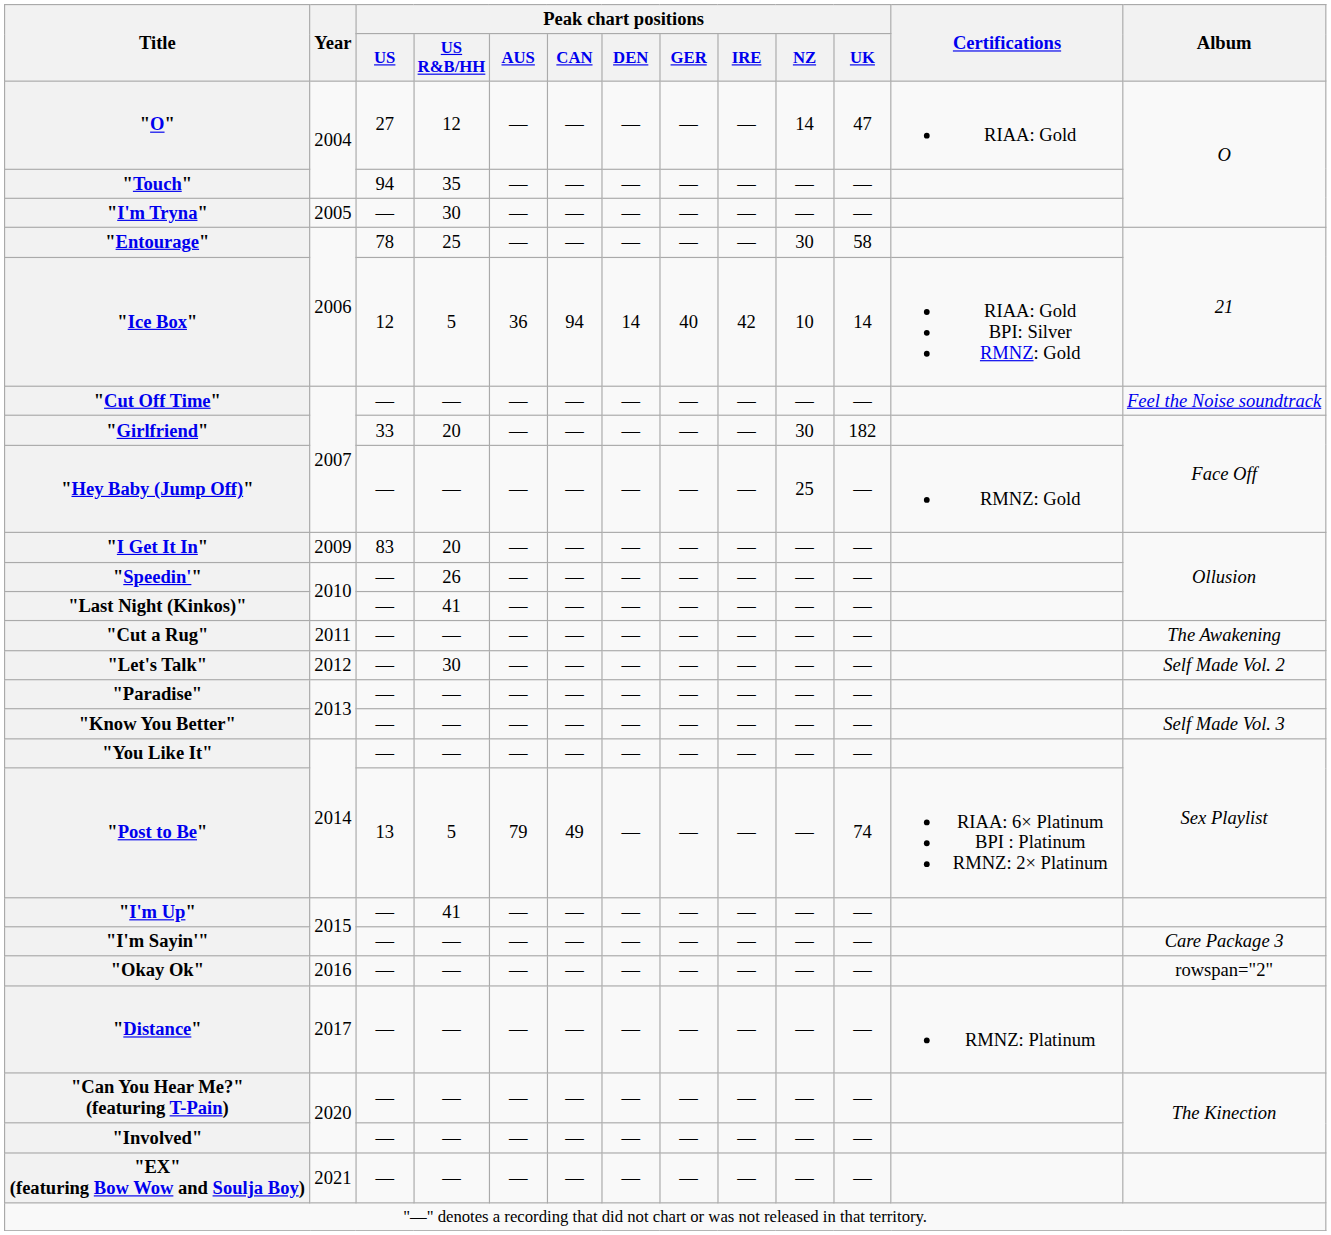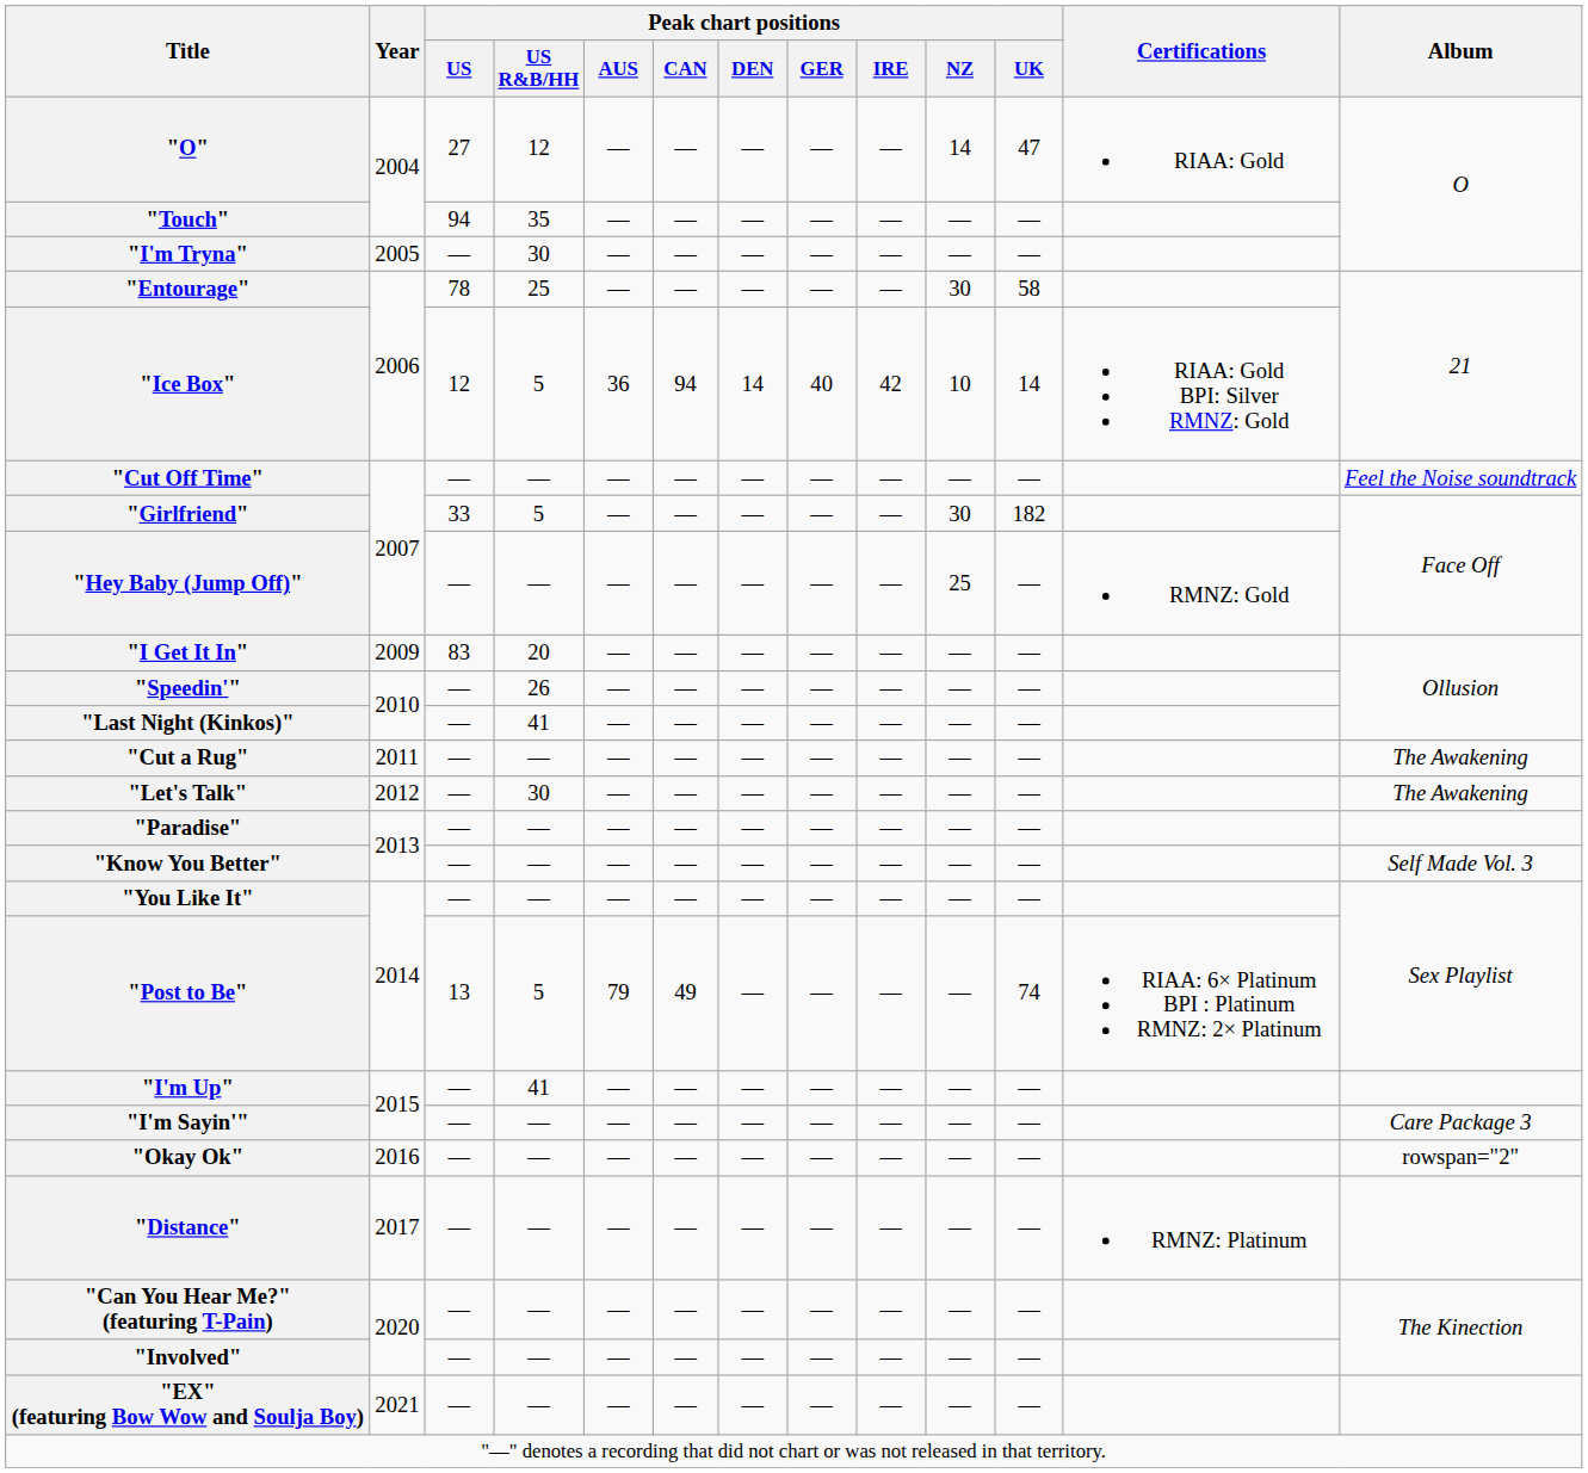 <table class="wikitable plainrowheaders" style="text-align:center;">
 <tr>
 <th scope="col" rowspan="2" style="width:16em;">Title</th>
 <th scope="col" rowspan="2">Year</th>
 <th scope="col" colspan="9">Peak chart positions</th>
 <th scope="col" rowspan="2" style="width:12em;"><a href='#'>Certifications</a></th>
 <th scope="col" rowspan="2">Album</th>
 </tr>
 <tr>
 <th style="width:3em;font-size:90%;"><a href='#'>US</a><br></th>
 <th style="width:3em;font-size:90%;"><a href='#'>US R&B/HH</a><br></th>
 <th style="width:3em;font-size:90%;"><a href='#'>AUS</a><br></th>
 <th scope="col" style="width:2.8em;font-size:90%;"><a href='#'>CAN</a><br></th>
 <th style="width:3em;font-size:90%;"><a href='#'>DEN</a><br></th>
 <th style="width:3em;font-size:90%;"><a href='#'>GER</a><br></th>
 <th style="width:3em;font-size:90%;"><a href='#'>IRE</a><br></th>
 <th style="width:3em;font-size:90%;"><a href='#'>NZ</a><br></th>
 <th style="width:3em;font-size:90%;"><a href='#'>UK</a><br></th>
 </tr>
 <tr>
 <th scope="row">"<a href='#'>O</a>"</th>
 <td rowspan="2">2004</td>
 <td>27</td>
 <td>12</td>
 <td>—</td>
 <td>—</td>
 <td>—</td>
 <td>—</td>
 <td>—</td>
 <td>14</td>
 <td>47</td>
 <td><br><ul><li>RIAA: Gold</li></ul></td>
 <td rowspan="3"><em>O</em></td>
 </tr>
 <tr>
 <th scope="row">"<a href='#'>Touch</a>"</th>
 <td>94</td>
 <td>35</td>
 <td>—</td>
 <td>—</td>
 <td>—</td>
 <td>—</td>
 <td>—</td>
 <td>—</td>
 <td>—</td>
 <td></td>
 </tr>
 <tr>
 <th scope="row">"<a href='#'>I'm Tryna</a>"</th>
 <td>2005</td>
 <td>—</td>
 <td>30</td>
 <td>—</td>
 <td>—</td>
 <td>—</td>
 <td>—</td>
 <td>—</td>
 <td>—</td>
 <td>—</td>
 <td></td>
 </tr>
 <tr>
 <th scope="row">"<a href='#'>Entourage</a>"</th>
 <td rowspan="2">2006</td>
 <td>78</td>
 <td>25</td>
 <td>—</td>
 <td>—</td>
 <td>—</td>
 <td>—</td>
 <td>—</td>
 <td>30</td>
 <td>58</td>
 <td></td>
 <td rowspan="2"><em>21</em></td>
 </tr>
 <tr>
 <th scope="row">"<a href='#'>Ice Box</a>"<br></th>
 <td>12</td>
 <td>5</td>
 <td>36</td>
 <td>94</td>
 <td>14</td>
 <td>40</td>
 <td>42</td>
 <td>10</td>
 <td>14</td>
 <td><br><ul><li>RIAA: Gold</li><li>BPI: Silver</li><li><a href='#'>RMNZ</a>: Gold</li></ul></td>
 </tr>
 <tr>
 <th scope="row">"<a href='#'>Cut Off Time</a>"<br></th>
 <td rowspan="3">2007</td>
 <td>—</td>
 <td>—</td>
 <td>—</td>
 <td>—</td>
 <td>—</td>
 <td>—</td>
 <td>—</td>
 <td>—</td>
 <td>—</td>
 <td></td>
 <td><a href='#'><em>Feel the Noise soundtrack</em></a></td>
 </tr>
 <tr>
 <th scope="row">"<a href='#'>Girlfriend</a>"<br></th>
 <td>33</td>
-<td>20</td>
+<td>5</td>
 <td>—</td>
 <td>—</td>
 <td>—</td>
 <td>—</td>
 <td>—</td>
 <td>30</td>
 <td>182</td>
 <td></td>
 <td rowspan="2"><em>Face Off</em></td>
 </tr>
 <tr>
 <th scope="row">"<a href='#'>Hey Baby (Jump Off)</a>"<br></th>
 <td>—</td>
 <td>—</td>
 <td>—</td>
 <td>—</td>
 <td>—</td>
 <td>—</td>
 <td>—</td>
 <td>25</td>
 <td>—</td>
 <td><br><ul><li>RMNZ: Gold</li></ul></td>
 </tr>
 <tr>
 <th scope="row">"<a href='#'>I Get It In</a>"<br></th>
 <td>2009</td>
 <td>83</td>
 <td>20</td>
 <td>—</td>
 <td>—</td>
 <td>—</td>
 <td>—</td>
 <td>—</td>
 <td>—</td>
 <td>—</td>
 <td></td>
 <td rowspan="3"><em>Ollusion</em></td>
 </tr>
 <tr>
 <th scope="row">"<a href='#'>Speedin'</a>"</th>
 <td rowspan="2">2010</td>
 <td>—</td>
 <td>26</td>
 <td>—</td>
 <td>—</td>
 <td>—</td>
 <td>—</td>
 <td>—</td>
 <td>—</td>
 <td>—</td>
 <td></td>
 </tr>
 <tr>
 <th scope="row">"Last Night (Kinkos)"<br></th>
 <td>—</td>
 <td>41</td>
 <td>—</td>
 <td>—</td>
 <td>—</td>
 <td>—</td>
 <td>—</td>
 <td>—</td>
 <td>—</td>
 <td></td>
 </tr>
 <tr>
 <th scope="row">"Cut a Rug"</th>
 <td>2011</td>
 <td>—</td>
 <td>—</td>
 <td>—</td>
 <td>—</td>
 <td>—</td>
 <td>—</td>
 <td>—</td>
 <td>—</td>
 <td>—</td>
 <td></td>
 <td><em>The Awakening</em></td>
 </tr>
 <tr>
 <th scope="row">"Let's Talk"<br></th>
 <td>2012</td>
 <td>—</td>
 <td>30</td>
 <td>—</td>
 <td>—</td>
 <td>—</td>
 <td>—</td>
 <td>—</td>
 <td>—</td>
 <td>—</td>
 <td></td>
-<td><em>Self Made Vol. 2</em></td>
+<td><em>The Awakening</em></td>
 </tr>
 <tr>
 <th scope="row">"Paradise"</th>
 <td rowspan="2">2013</td>
 <td>—</td>
 <td>—</td>
 <td>—</td>
 <td>—</td>
 <td>—</td>
 <td>—</td>
 <td>—</td>
 <td>—</td>
 <td>—</td>
 <td></td>
 <td></td>
 </tr>
 <tr>
 <th scope="row">"Know You Better"<br></th>
 <td>—</td>
 <td>—</td>
 <td>—</td>
 <td>—</td>
 <td>—</td>
 <td>—</td>
 <td>—</td>
 <td>—</td>
 <td>—</td>
 <td></td>
 <td><em>Self Made Vol. 3</em></td>
 </tr>
 <tr>
 <th scope="row">"You Like It"</th>
 <td rowspan="2">2014</td>
 <td>—</td>
 <td>—</td>
 <td>—</td>
 <td>—</td>
 <td>—</td>
 <td>—</td>
 <td>—</td>
 <td>—</td>
 <td>—</td>
 <td></td>
 <td rowspan="2"><em>Sex Playlist</em></td>
 </tr>
 <tr>
 <th scope="row">"<a href='#'>Post to Be</a>"<br></th>
 <td>13</td>
 <td>5</td>
 <td>79</td>
 <td>49</td>
 <td>—</td>
 <td>—</td>
 <td>—</td>
 <td>—</td>
 <td>74</td>
 <td><br><ul><li>RIAA: 6× Platinum</li><li>BPI : Platinum</li><li>RMNZ: 2× Platinum</li></ul></td>
 </tr>
 <tr>
 <th scope="row">"<a href='#'>I'm Up</a>"<br></th>
 <td rowspan="2">2015</td>
 <td>—</td>
 <td>41</td>
 <td>—</td>
 <td>—</td>
 <td>—</td>
 <td>—</td>
 <td>—</td>
 <td>—</td>
 <td>—</td>
 <td></td>
 <td></td>
 </tr>
 <tr>
 <th scope="row">"I'm Sayin'"<br></th>
 <td>—</td>
 <td>—</td>
 <td>—</td>
 <td>—</td>
 <td>—</td>
 <td>—</td>
 <td>—</td>
 <td>—</td>
 <td>—</td>
 <td></td>
 <td><em>Care Package 3</em></td>
 </tr>
 <tr>
 <th scope="row">"Okay Ok"<br></th>
 <td>2016</td>
 <td>—</td>
 <td>—</td>
 <td>—</td>
 <td>—</td>
 <td>—</td>
 <td>—</td>
 <td>—</td>
 <td>—</td>
 <td>—</td>
 <td></td>
 <td>rowspan="2" </td>
 </tr>
 <tr>
 <th scope="row">"<a href='#'>Distance</a>"</th>
 <td>2017</td>
 <td>—</td>
 <td>—</td>
 <td>—</td>
 <td>—</td>
 <td>—</td>
 <td>—</td>
 <td>—</td>
 <td>—</td>
 <td>—</td>
 <td><br><ul><li>RMNZ: Platinum</li></ul></td>
 </tr>
 <tr>
 <th scope="row">"Can You Hear Me?"<br><span>(featuring <a href='#'>T-Pain</a>)</span></th>
 <td rowspan="2">2020</td>
 <td>—</td>
 <td>—</td>
 <td>—</td>
 <td>—</td>
 <td>—</td>
 <td>—</td>
 <td>—</td>
 <td>—</td>
 <td>—</td>
 <td></td>
 <td rowspan="2"><em>The Kinection</em></td>
 </tr>
 <tr>
 <th scope="row">"Involved"</th>
 <td>—</td>
 <td>—</td>
 <td>—</td>
 <td>—</td>
 <td>—</td>
 <td>—</td>
 <td>—</td>
 <td>—</td>
 <td>—</td>
 <td></td>
 </tr>
 <tr>
 <th scope="row">"EX"<br><span>(featuring <a href='#'>Bow Wow</a> and <a href='#'>Soulja Boy</a>)</span></th>
 <td>2021</td>
 <td>—</td>
 <td>—</td>
 <td>—</td>
 <td>—</td>
 <td>—</td>
 <td>—</td>
 <td>—</td>
 <td>—</td>
 <td>—</td>
 <td></td>
 <td></td>
 </tr>
 <tr>
 <td colspan="13" style="font-size:90%">"—" denotes a recording that did not chart or was not released in that territory.</td>
 </tr>
 </table>
